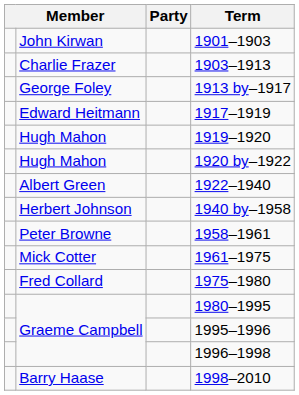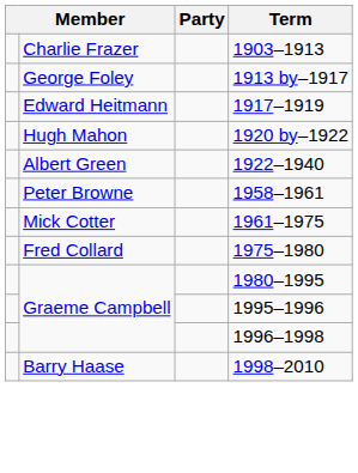 <table class="wikitable">
 <tr>
 <th colspan="2">Member</th>
 <th>Party</th>
 <th>Term</th>
-</tr>
-<tr>
-<td> </td>
-<td><a href='#'>John Kirwan</a></td>
-<td></td>
-<td><a href='#'>1901</a>–1903</td>
 </tr>
 <tr>
 <td> </td>
 <td><a href='#'>Charlie Frazer</a></td>
 <td></td>
 <td><a href='#'>1903</a>–1913</td>
 </tr>
 <tr>
 <td> </td>
 <td><a href='#'>George Foley</a></td>
 <td></td>
 <td><a href='#'>1913 by</a>–1917</td>
 </tr>
 <tr>
 <td> </td>
 <td><a href='#'>Edward Heitmann</a></td>
 <td></td>
 <td><a href='#'>1917</a>–1919</td>
 </tr>
 <tr>
 <td> </td>
 <td><a href='#'>Hugh Mahon</a></td>
 <td></td>
-<td><a href='#'>1919</a>–1920</td>
-</tr>
-<tr>
-<td> </td>
-<td><a href='#'>Hugh Mahon</a></td>
-<td></td>
 <td><a href='#'>1920 by</a>–1922</td>
 </tr>
 <tr>
 <td> </td>
 <td><a href='#'>Albert Green</a></td>
 <td></td>
 <td><a href='#'>1922</a>–1940</td>
-</tr>
-<tr>
-<td> </td>
-<td><a href='#'>Herbert Johnson</a></td>
-<td></td>
-<td><a href='#'>1940 by</a>–1958</td>
 </tr>
 <tr>
 <td> </td>
 <td><a href='#'>Peter Browne</a></td>
 <td></td>
 <td><a href='#'>1958</a>–1961</td>
 </tr>
 <tr>
 <td> </td>
 <td><a href='#'>Mick Cotter</a></td>
 <td></td>
 <td><a href='#'>1961</a>–1975</td>
 </tr>
 <tr>
 <td> </td>
 <td><a href='#'>Fred Collard</a></td>
 <td></td>
 <td><a href='#'>1975</a>–1980</td>
 </tr>
 <tr>
 <td> </td>
 <td rowspan="3"><a href='#'>Graeme Campbell</a></td>
 <td></td>
 <td><a href='#'>1980</a>–1995</td>
 </tr>
 <tr>
 <td> </td>
 <td></td>
 <td>1995–1996</td>
 </tr>
 <tr>
 <td> </td>
 <td></td>
 <td>1996–1998</td>
 </tr>
 <tr>
 <td> </td>
 <td><a href='#'>Barry Haase</a></td>
 <td></td>
 <td><a href='#'>1998</a>–2010</td>
 </tr>
 </table>
